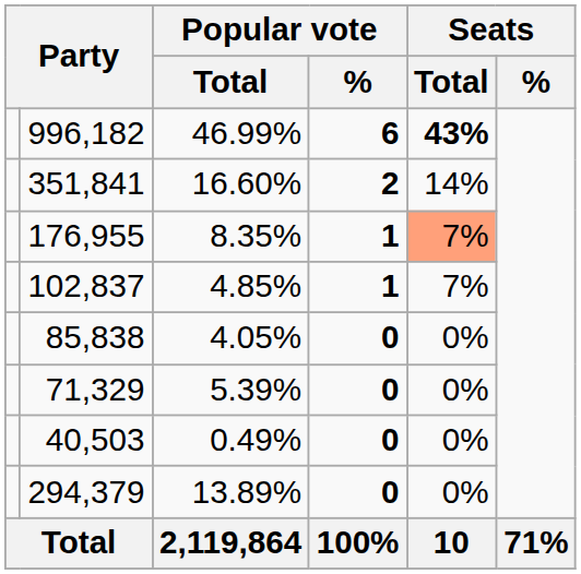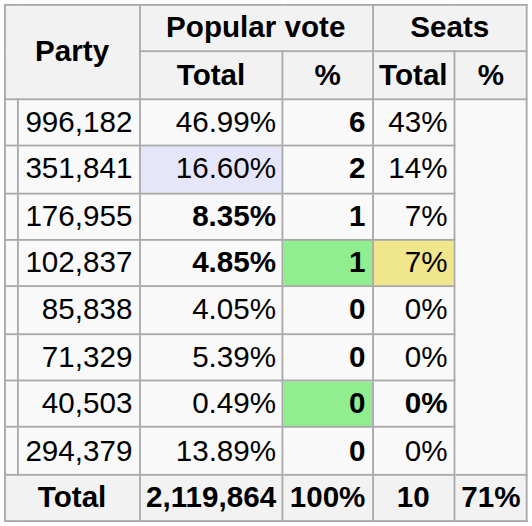 <table class=wikitable style="text-align:right;">
 <tr>
 <th rowspan=2 colspan=2>Party</th>
 <th colspan=2>Popular vote</th>
 <th colspan=2>Seats</th>
 </tr>
 <tr>
 <th>Total</th>
 <th>%</th>
 <th>Total</th>
 <th>%</th>
 </tr>
 <tr>
 <td></td>
 <td>996,182</td>
 <td>46.99%</td>
 <td><strong>6</strong></td>
-<td><strong>43%</strong></td>
+<td>43%</td>
 </tr>
 <tr>
 <td></td>
 <td>351,841</td>
-<td>16.60%</td>
+<td style="background: lavender;">16.60%</td>
 <td><strong>2</strong></td>
 <td>14%</td>
 </tr>
 <tr>
 <td></td>
 <td>176,955</td>
-<td>8.35%</td>
+<td><strong>8.35%</strong></td>
 <td><strong>1</strong></td>
-<td style="background: lightsalmon;">7%</td>
+<td>7%</td>
 </tr>
 <tr>
 <td></td>
 <td>102,837</td>
-<td>4.85%</td>
-<td><strong>1</strong></td>
-<td>7%</td>
+<td><strong>4.85%</strong></td>
+<td style="background: lightgreen;"><strong>1</strong></td>
+<td style="background: khaki;">7%</td>
 </tr>
 <tr>
 <td></td>
 <td>85,838</td>
 <td>4.05%</td>
 <td><strong>0</strong></td>
 <td>0%</td>
 </tr>
 <tr>
 <td></td>
 <td>71,329</td>
 <td>5.39%</td>
 <td><strong>0</strong></td>
 <td>0%</td>
 </tr>
 <tr>
 <td></td>
 <td>40,503</td>
 <td>0.49%</td>
-<td><strong>0</strong></td>
-<td>0%</td>
+<td style="background: lightgreen;"><strong>0</strong></td>
+<td><strong>0%</strong></td>
 </tr>
 <tr>
 <td></td>
 <td>294,379</td>
 <td>13.89%</td>
 <td><strong>0</strong></td>
 <td>0%</td>
 </tr>
 <tr>
 <th colspan=2>Total</th>
 <th>2,119,864</th>
 <th>100%</th>
 <th>10</th>
 <th>71%</th>
 </tr>
 </table>
